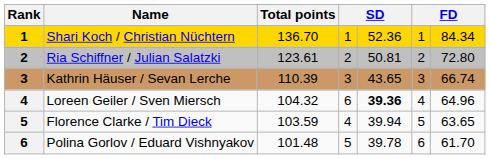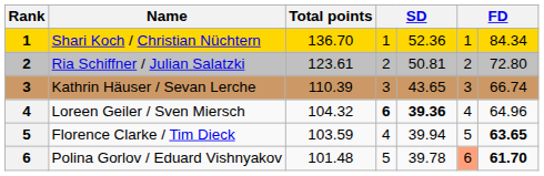 <table class="wikitable sortable">
 <tr>
 <th>Rank</th>
 <th>Name</th>
 <th>Total points</th>
 <th colspan="2" width="80px"><a href='#'>SD</a></th>
 <th colspan="2" width="80px"><a href='#'>FD</a></th>
 </tr>
 <tr bgcolor="gold">
 <td align="center"><strong>1</strong></td>
 <td><a href='#'>Shari Koch</a> / <a href='#'>Christian Nüchtern</a></td>
 <td align=center>136.70</td>
 <td align=center>1</td>
 <td align=center>52.36</td>
 <td align=center>1</td>
 <td align=center>84.34</td>
 </tr>
 <tr bgcolor="silver">
 <td align="center"><strong>2</strong></td>
 <td><a href='#'>Ria Schiffner</a> / <a href='#'>Julian Salatzki</a></td>
 <td align=center>123.61</td>
 <td align=center>2</td>
 <td align=center>50.81</td>
 <td align=center>2</td>
 <td align=center>72.80</td>
 </tr>
 <tr bgcolor="cc9966">
 <td align="center"><strong>3</strong></td>
 <td>Kathrin Häuser / Sevan Lerche</td>
 <td align=center>110.39</td>
 <td align=center>3</td>
 <td align=center>43.65</td>
 <td align=center>3</td>
 <td align=center>66.74</td>
 </tr>
 <tr>
 <th>4</th>
 <td>Loreen Geiler / Sven Miersch</td>
 <td align=center>104.32</td>
-<td align=center>6</td>
+<td align=center><strong>6</strong></td>
 <td align=center><strong>39.36</strong></td>
 <td align=center>4</td>
 <td align=center>64.96</td>
 </tr>
 <tr>
 <th>5</th>
 <td>Florence Clarke / <a href='#'>Tim Dieck</a></td>
 <td align=center>103.59</td>
 <td align=center>4</td>
 <td align=center>39.94</td>
 <td align=center>5</td>
-<td align=center>63.65</td>
+<td align=center><strong>63.65</strong></td>
 </tr>
 <tr>
 <th>6</th>
 <td>Polina Gorlov / Eduard Vishnyakov</td>
 <td align=center>101.48</td>
 <td align=center>5</td>
 <td align=center>39.78</td>
-<td align=center>6</td>
-<td align=center>61.70</td>
+<td align=center style="background: lightsalmon;">6</td>
+<td align=center><strong>61.70</strong></td>
 </tr>
 </table>
